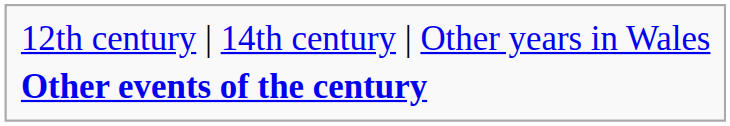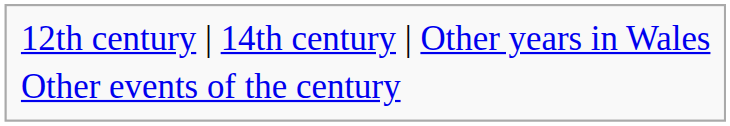 <table class="infobox" id="toc">
 <tr>
 <td align="left"><a href='#'>12th century</a> | <a href='#'>14th century</a> | <a href='#'>Other years in Wales</a></td>
 </tr>
 <tr>
-<td><strong><a href='#'>Other events of the century</a></strong></td>
+<td><a href='#'>Other events of the century</a></td>
 </tr>
 </table>
